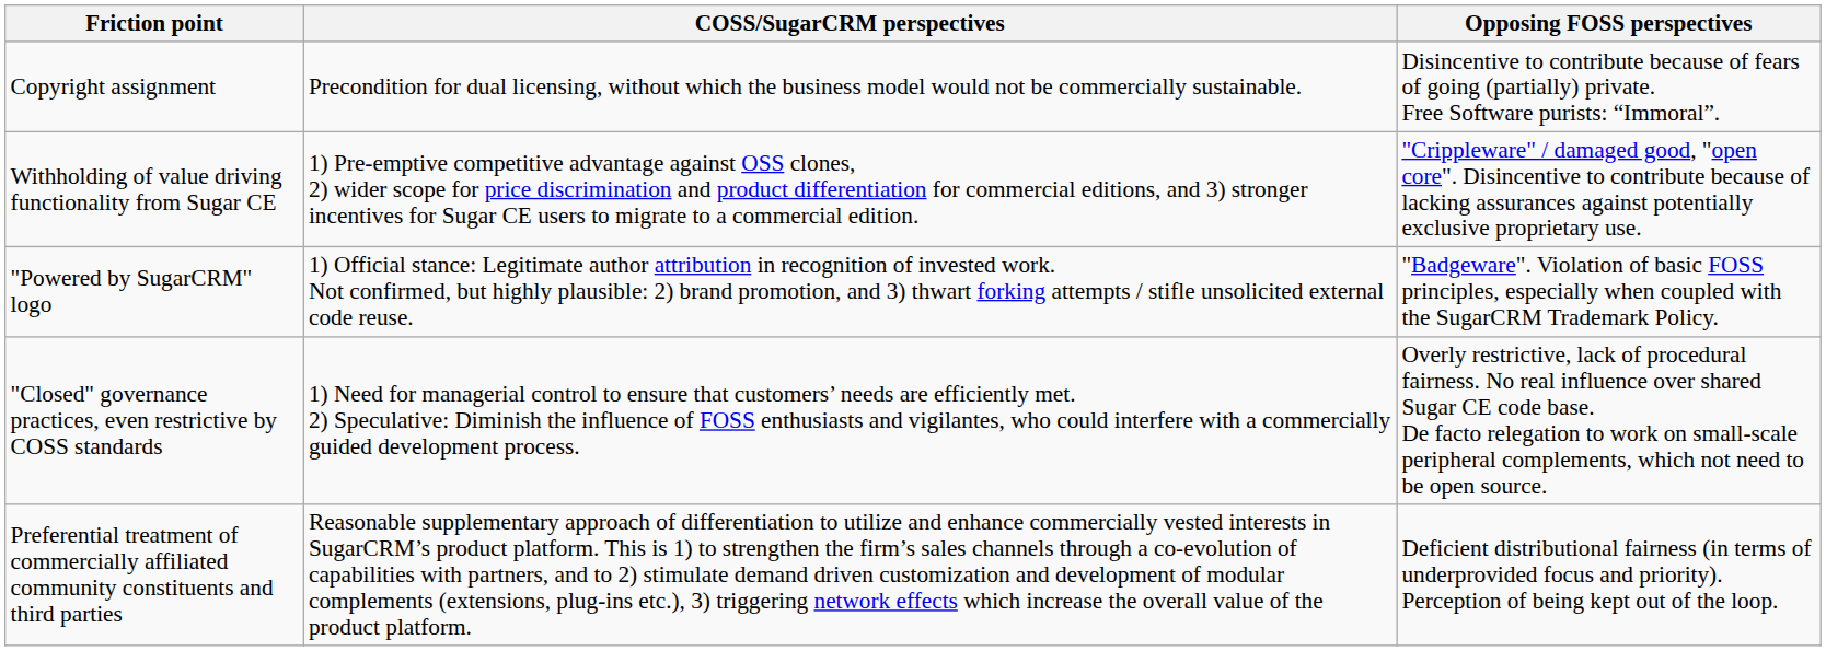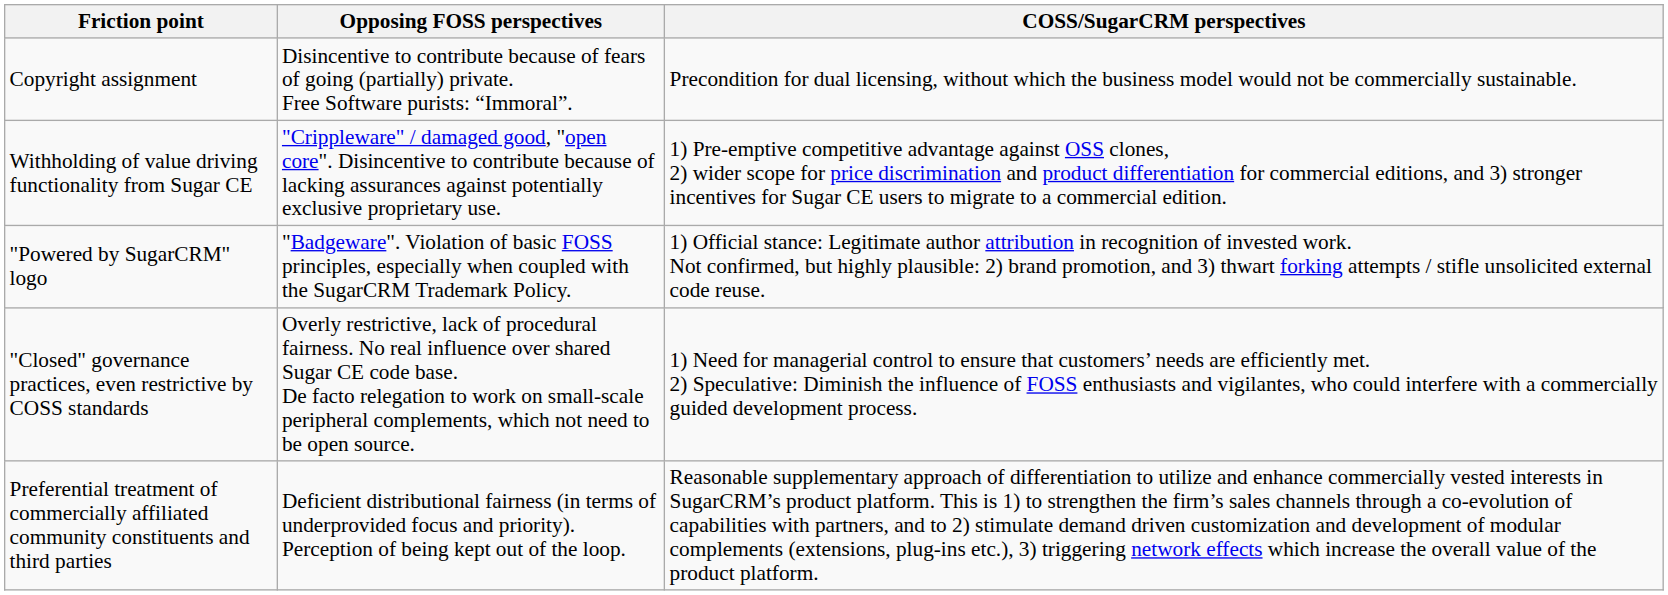 <table class="wikitable">
 <tr>
 <th>Friction point</th>
+<th>Opposing FOSS perspectives</th>
 <th>COSS/SugarCRM perspectives</th>
-<th>Opposing FOSS perspectives</th>
 </tr>
 <tr>
 <td>Copyright assignment</td>
+<td>Disincentive to contribute because of fears of going (partially) private.<br>Free Software purists: “Immoral”.</td>
 <td>Precondition for dual licensing, without which the business model would not be commercially sustainable.</td>
-<td>Disincentive to contribute because of fears of going (partially) private.<br>Free Software purists: “Immoral”.</td>
 </tr>
 <tr>
 <td>Withholding of value driving functionality from Sugar CE</td>
+<td><a href='#'>"Crippleware" / damaged good</a>, "<a href='#'>open core</a>". Disincentive to contribute because of lacking assurances against potentially exclusive proprietary use.</td>
 <td>1) Pre-emptive competitive advantage against <a href='#'>OSS</a> clones,<br>2) wider scope for <a href='#'>price discrimination</a> and <a href='#'>product differentiation</a> for commercial editions, and 3) stronger incentives for Sugar CE users to migrate to a commercial edition.</td>
-<td><a href='#'>"Crippleware" / damaged good</a>, "<a href='#'>open core</a>". Disincentive to contribute because of lacking assurances against potentially exclusive proprietary use.</td>
 </tr>
 <tr>
 <td>"Powered by SugarCRM" logo</td>
+<td>"<a href='#'>Badgeware</a>". Violation of basic <a href='#'>FOSS</a> principles, especially when coupled with the SugarCRM Trademark Policy.</td>
 <td>1) Official stance: Legitimate author <a href='#'>attribution</a> in recognition of invested work.<br>Not confirmed, but highly plausible: 2) brand promotion, and 3) thwart <a href='#'>forking</a> attempts / stifle unsolicited external code reuse.</td>
-<td>"<a href='#'>Badgeware</a>". Violation of basic <a href='#'>FOSS</a> principles, especially when coupled with the SugarCRM Trademark Policy.</td>
 </tr>
 <tr>
 <td>"Closed" governance practices, even restrictive by COSS standards</td>
+<td>Overly restrictive, lack of procedural fairness. No real influence over shared Sugar CE code base.<br>De facto relegation to work on small-scale peripheral complements, which not need to be open source.</td>
 <td>1) Need for managerial control to ensure that customers’ needs are efficiently met.<br>2) Speculative: Diminish the influence of <a href='#'>FOSS</a> enthusiasts and vigilantes, who could interfere with a commercially guided development process.</td>
-<td>Overly restrictive, lack of procedural fairness. No real influence over shared Sugar CE code base.<br>De facto relegation to work on small-scale peripheral complements, which not need to be open source.</td>
 </tr>
 <tr>
 <td>Preferential treatment of commercially affiliated community constituents and third parties</td>
+<td>Deficient distributional fairness (in terms of underprovided focus and priority). Perception of being kept out of the loop.</td>
 <td>Reasonable supplementary approach of differentiation to utilize and enhance commercially vested interests in SugarCRM’s product platform. This is 1) to strengthen the firm’s sales channels through a co-evolution of capabilities with partners, and to 2) stimulate demand driven customization and development of modular complements (extensions, plug-ins etc.), 3) triggering <a href='#'>network effects</a> which increase the overall value of the product platform.</td>
-<td>Deficient distributional fairness (in terms of underprovided focus and priority). Perception of being kept out of the loop.</td>
 </tr>
 </table>
